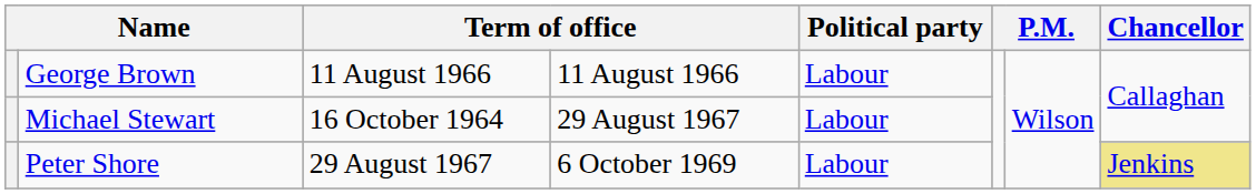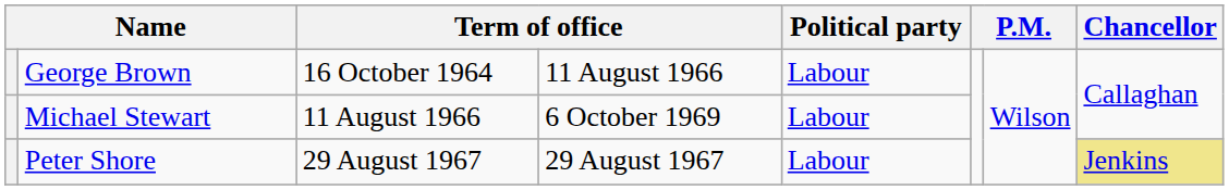 <table class="wikitable">
 <tr>
 <th colspan=2>Name</th>
 <th colspan=2>Term of office</th>
 <th>Political party</th>
 <th colspan=2><a href='#'>P.M.</a></th>
 <th><a href='#'>Chancellor</a></th>
 </tr>
 <tr>
 <th style="background-color: "></th>
 <td width=150><a href='#'>George Brown</a></td>
-<td>11 August 1966</td>
+<td width=130>16 October 1964</td>
 <td width=130>11 August 1966</td>
 <td width=100><a href='#'>Labour</a></td>
 <td rowspan=3 style="background-color: "></td>
 <td rowspan=3><a href='#'>Wilson</a></td>
 <td rowspan=2><a href='#'>Callaghan</a></td>
 </tr>
 <tr>
 <th style="background-color: "></th>
 <td><a href='#'>Michael Stewart</a></td>
-<td width=130>16 October 1964</td>
-<td>29 August 1967</td>
+<td>11 August 1966</td>
+<td>6 October 1969</td>
 <td><a href='#'>Labour</a></td>
 </tr>
 <tr>
 <th style="background-color: "></th>
 <td><a href='#'>Peter Shore</a></td>
 <td>29 August 1967</td>
-<td>6 October 1969</td>
+<td>29 August 1967</td>
 <td><a href='#'>Labour</a></td>
 <td style="background: khaki;"><a href='#'>Jenkins</a></td>
 </tr>
 </table>
